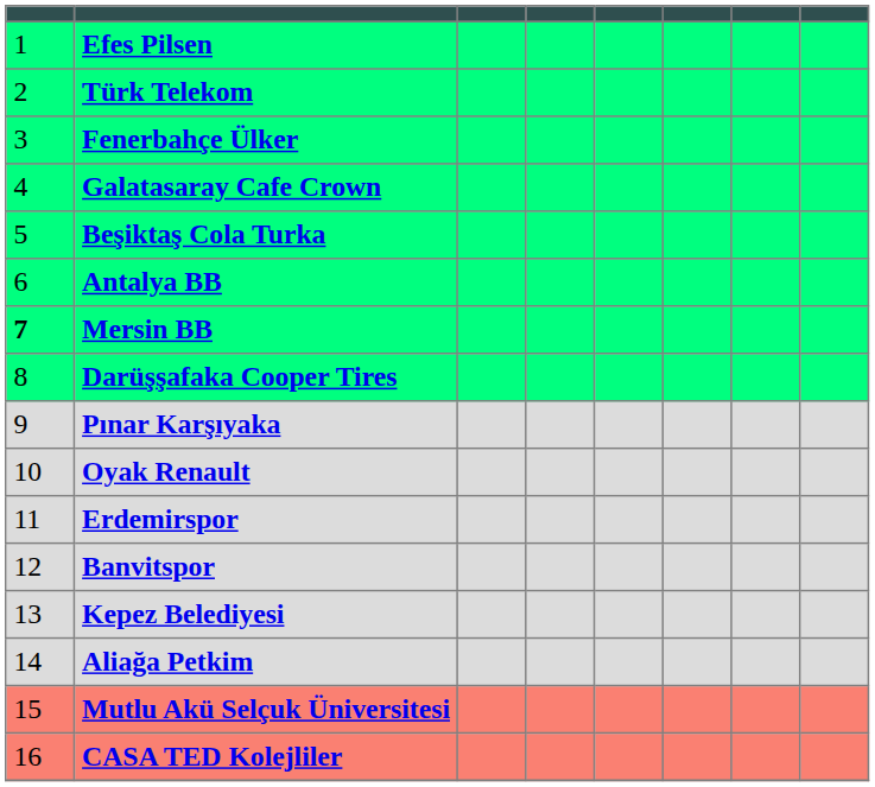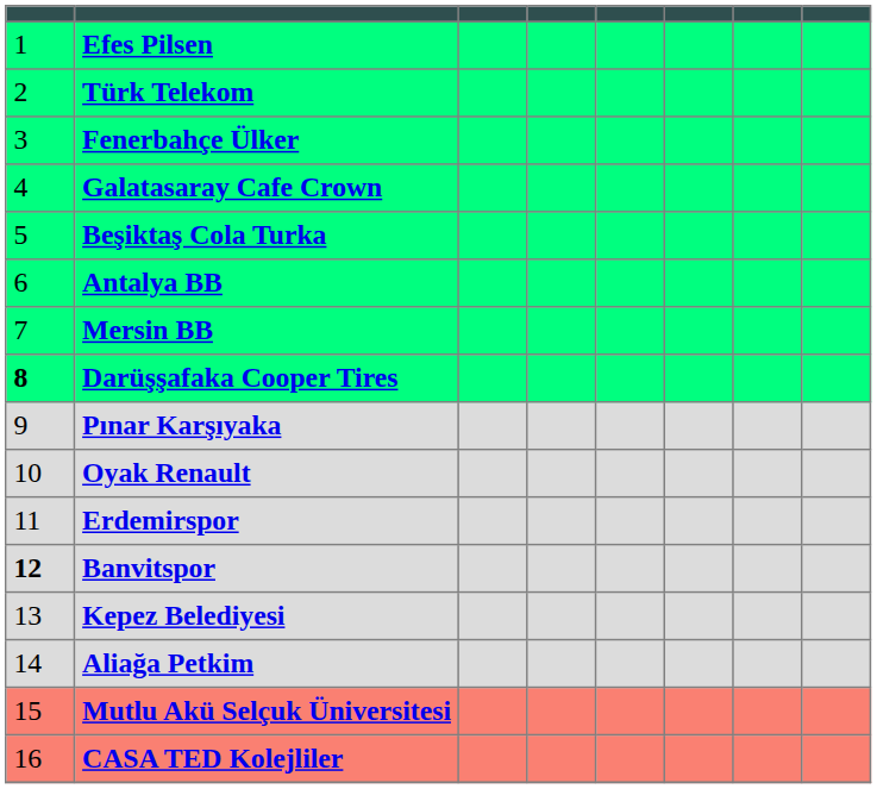 <table class="toccolours" border="1" cellpadding="4" cellspacing="0" style="border-collapse: collapse; margin:0;">
 <tr bgcolor=2f4f4f>
 <th width=30></th>
 <th></th>
 <th width=30></th>
 <th width=30></th>
 <th width=30></th>
 <th width=30></th>
 <th width=30></th>
 <th width=30></th>
 </tr>
 <tr bgcolor=00ff7f>
 <td>1</td>
 <td><strong><a href='#'>Efes Pilsen</a></strong></td>
 <td></td>
 <td></td>
 <td></td>
 <td></td>
 <td></td>
 <td></td>
 </tr>
 <tr bgcolor=00ff7f>
 <td>2</td>
 <td><strong><a href='#'>Türk Telekom</a></strong></td>
 <td></td>
 <td></td>
 <td></td>
 <td></td>
 <td></td>
 <td></td>
 </tr>
 <tr bgcolor=00ff7f>
 <td>3</td>
 <td><strong><a href='#'>Fenerbahçe Ülker</a></strong></td>
 <td></td>
 <td></td>
 <td></td>
 <td></td>
 <td></td>
 <td></td>
 </tr>
 <tr bgcolor=00ff7f>
 <td>4</td>
 <td><strong><a href='#'>Galatasaray Cafe Crown</a></strong></td>
 <td></td>
 <td></td>
 <td></td>
 <td></td>
 <td></td>
 <td></td>
 </tr>
 <tr bgcolor=00ff7f>
 <td>5</td>
 <td><strong><a href='#'>Beşiktaş Cola Turka</a></strong></td>
 <td></td>
 <td></td>
 <td></td>
 <td></td>
 <td></td>
 <td></td>
 </tr>
 <tr bgcolor=00ff7f>
 <td>6</td>
 <td><strong><a href='#'>Antalya BB</a></strong></td>
 <td></td>
 <td></td>
 <td></td>
 <td></td>
 <td></td>
 <td></td>
 </tr>
 <tr bgcolor=00ff7f>
-<td><strong>7</strong></td>
+<td>7</td>
 <td><strong><a href='#'>Mersin BB</a></strong></td>
 <td></td>
 <td></td>
 <td></td>
 <td></td>
 <td></td>
 <td></td>
 </tr>
 <tr bgcolor=00ff7f>
-<td>8</td>
+<td><strong>8</strong></td>
 <td><strong><a href='#'>Darüşşafaka Cooper Tires</a></strong></td>
 <td></td>
 <td></td>
 <td></td>
 <td></td>
 <td></td>
 <td></td>
 </tr>
 <tr bgcolor=dcdcdc>
 <td>9</td>
 <td><strong><a href='#'>Pınar Karşıyaka</a></strong></td>
 <td></td>
 <td></td>
 <td></td>
 <td></td>
 <td></td>
 <td></td>
 </tr>
 <tr bgcolor=dcdcdc>
 <td>10</td>
 <td><strong><a href='#'>Oyak Renault</a></strong></td>
 <td></td>
 <td></td>
 <td></td>
 <td></td>
 <td></td>
 <td></td>
 </tr>
 <tr bgcolor=dcdcdc>
 <td>11</td>
 <td><strong><a href='#'>Erdemirspor</a></strong></td>
 <td></td>
 <td></td>
 <td></td>
 <td></td>
 <td></td>
 <td></td>
 </tr>
 <tr bgcolor=dcdcdc>
-<td>12</td>
+<td><strong>12</strong></td>
 <td><strong><a href='#'>Banvitspor</a></strong></td>
 <td></td>
 <td></td>
 <td></td>
 <td></td>
 <td></td>
 <td></td>
 </tr>
 <tr bgcolor=dcdcdc>
 <td>13</td>
 <td><strong><a href='#'>Kepez Belediyesi</a></strong></td>
 <td></td>
 <td></td>
 <td></td>
 <td></td>
 <td></td>
 <td></td>
 </tr>
 <tr bgcolor=dcdcdc>
 <td>14</td>
 <td><strong><a href='#'>Aliağa Petkim</a></strong></td>
 <td></td>
 <td></td>
 <td></td>
 <td></td>
 <td></td>
 <td></td>
 </tr>
 <tr bgcolor=fa8072>
 <td>15</td>
 <td><strong><a href='#'>Mutlu Akü Selçuk Üniversitesi</a></strong></td>
 <td></td>
 <td></td>
 <td></td>
 <td></td>
 <td></td>
 <td></td>
 </tr>
 <tr bgcolor=fa8072>
 <td>16</td>
 <td><strong><a href='#'>CASA TED Kolejliler</a></strong></td>
 <td></td>
 <td></td>
 <td></td>
 <td></td>
 <td></td>
 <td></td>
 </tr>
 <tr>
 </tr>
 </table>
